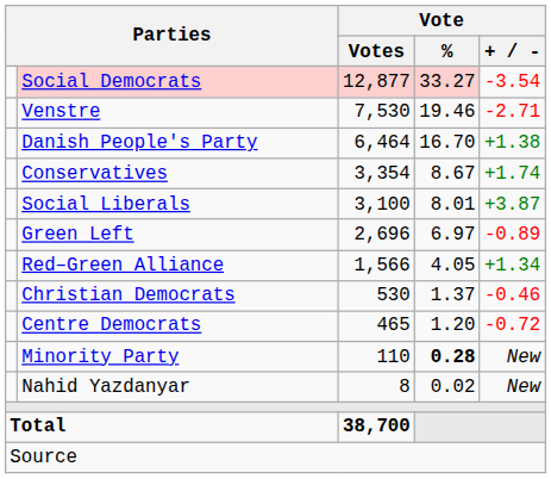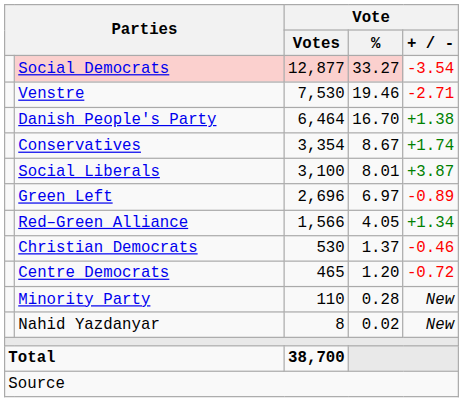 <table class="wikitable" style="text-align:right;">
 <tr>
 <th style="text-align:centre;" rowspan="2" colspan="2" width="225">Parties</th>
 <th colspan="3">Vote</th>
 </tr>
 <tr>
 <th width="15">Votes</th>
 <th width="15">%</th>
 <th width="15">+ / -</th>
 </tr>
 <tr>
 <td width="2" style="color:inherit;background:"></td>
 <td bgcolor=#fbd0ce  align="left"><a href='#'>Social Democrats</a></td>
 <td bgcolor=#fbd0ce>12,877</td>
 <td bgcolor=#fbd0ce>33.27</td>
 <td style=color:red;>-3.54</td>
 </tr>
 <tr>
 <td width="2" style="color:inherit;background:"></td>
 <td align="left"><a href='#'>Venstre</a></td>
 <td>7,530</td>
 <td>19.46</td>
 <td style=color:red;>-2.71</td>
 </tr>
 <tr>
 <td width="2" style="color:inherit;background:"></td>
 <td align="left"><a href='#'>Danish People's Party</a></td>
 <td>6,464</td>
 <td>16.70</td>
 <td style=color:green;>+1.38</td>
 </tr>
 <tr>
 <td width="2" style="color:inherit;background:"></td>
 <td align="left"><a href='#'>Conservatives</a></td>
 <td>3,354</td>
 <td>8.67</td>
 <td style=color:green;>+1.74</td>
 </tr>
 <tr>
 <td width="2" style="color:inherit;background:"></td>
 <td align="left"><a href='#'>Social Liberals</a></td>
 <td>3,100</td>
 <td>8.01</td>
 <td style=color:green;>+3.87</td>
 </tr>
 <tr>
 <td width="2" style="color:inherit;background:"></td>
 <td align="left"><a href='#'>Green Left</a></td>
 <td>2,696</td>
 <td>6.97</td>
 <td style=color:red;>-0.89</td>
 </tr>
 <tr>
 <td width="2" style="color:inherit;background:"></td>
 <td align="left"><a href='#'>Red–Green Alliance</a></td>
 <td>1,566</td>
 <td>4.05</td>
 <td style=color:green;>+1.34</td>
 </tr>
 <tr>
 <td width="2" style="color:inherit;background:"></td>
 <td align="left"><a href='#'>Christian Democrats</a></td>
 <td>530</td>
 <td>1.37</td>
 <td style=color:red;>-0.46</td>
 </tr>
 <tr>
 <td width="2" style="color:inherit;background:"></td>
 <td align="left"><a href='#'>Centre Democrats</a></td>
 <td>465</td>
 <td>1.20</td>
 <td style=color:red;>-0.72</td>
 </tr>
 <tr>
 <td width="2" style="color:inherit;background:"></td>
 <td align="left"><a href='#'>Minority Party</a></td>
 <td>110</td>
-<td><strong>0.28</strong></td>
+<td>0.28</td>
 <td><em>New</em></td>
 </tr>
 <tr>
 <td width="2" style="color:inherit;background:"></td>
 <td align="left">Nahid Yazdanyar</td>
 <td>8</td>
 <td>0.02</td>
 <td><em>New</em></td>
 </tr>
 <tr>
 <td colspan="7" bgcolor="#E9E9E9"></td>
 </tr>
 <tr>
 <td align="left" colspan="2"><strong>Total</strong></td>
 <td><strong>38,700</strong></td>
 <td bgcolor="#E9E9E9" colspan="2"></td>
 </tr>
 <tr>
 <td align="left" colspan="6">Source</td>
 </tr>
 </table>
